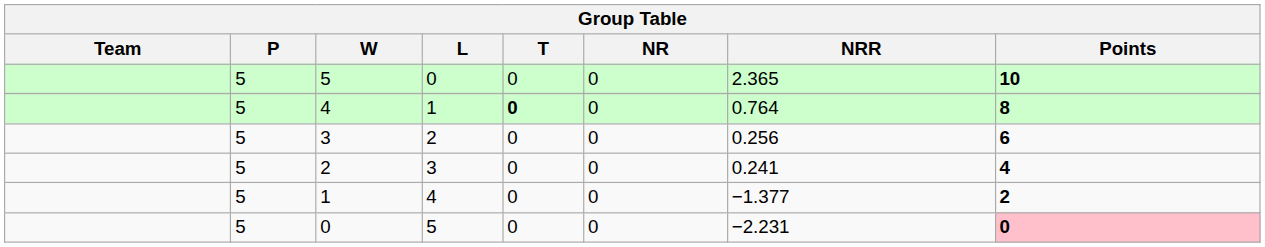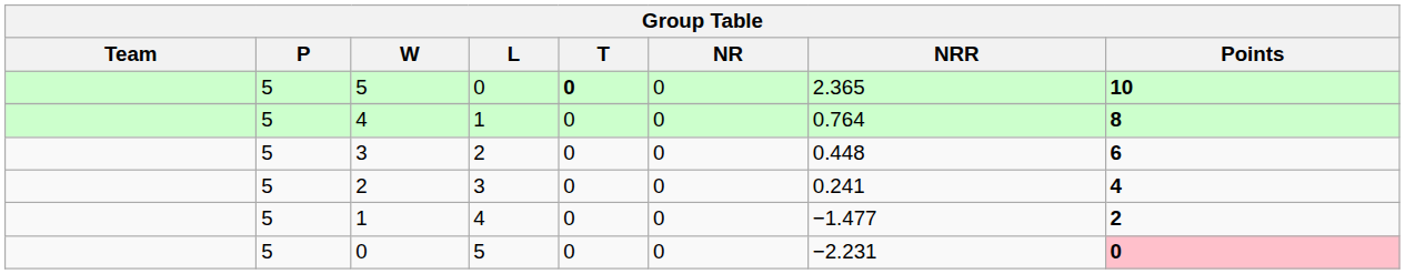 <table class="wikitable" width=85%>
 <tr>
 <th colspan="8">Group Table</th>
 </tr>
 <tr>
 <th>Team</th>
 <th>P</th>
 <th>W</th>
 <th>L</th>
 <th>T</th>
 <th>NR</th>
 <th>NRR</th>
 <th>Points</th>
 </tr>
 <tr style="background:#ccffcc">
 <td align=left></td>
 <td>5</td>
 <td>5</td>
 <td>0</td>
-<td>0</td>
+<td><strong>0</strong></td>
 <td>0</td>
 <td>2.365</td>
 <td><strong>10</strong></td>
 </tr>
 <tr>
 </tr>
 <tr style="background:#ccffcc">
 <td align=left></td>
 <td>5</td>
 <td>4</td>
 <td>1</td>
-<td><strong>0</strong></td>
+<td>0</td>
 <td>0</td>
 <td>0.764</td>
 <td><strong>8</strong></td>
 </tr>
 <tr>
 <td align=left></td>
 <td>5</td>
 <td>3</td>
 <td>2</td>
 <td>0</td>
 <td>0</td>
-<td>0.256</td>
+<td>0.448</td>
 <td><strong>6</strong></td>
 </tr>
 <tr>
 <td align=left></td>
 <td>5</td>
 <td>2</td>
 <td>3</td>
 <td>0</td>
 <td>0</td>
 <td>0.241</td>
 <td><strong>4</strong></td>
 </tr>
 <tr>
 <td align=left></td>
 <td>5</td>
 <td>1</td>
 <td>4</td>
 <td>0</td>
 <td>0</td>
-<td>−1.377</td>
+<td>−1.477</td>
 <td><strong>2</strong></td>
 </tr>
 <tr>
 <td align=left></td>
 <td>5</td>
 <td>0</td>
 <td>5</td>
 <td>0</td>
 <td>0</td>
 <td>−2.231</td>
 <td style="background: pink;"><strong>0</strong></td>
 </tr>
 </table>
